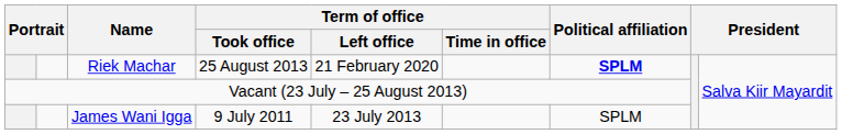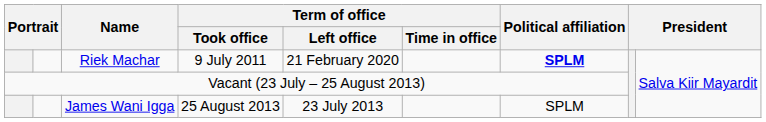 <table class="wikitable" style="text-align:center;">
 <tr>
 <th rowspan=2 colspan=2>Portrait</th>
 <th rowspan=2>Name</th>
 <th colspan=3>Term of office</th>
 <th rowspan=2>Political affiliation</th>
 <th rowspan=2 colspan=2>President</th>
 </tr>
 <tr>
 <th>Took office</th>
 <th>Left office</th>
 <th>Time in office</th>
 </tr>
 <tr>
 <th style="background:"></th>
 <td></td>
 <td><a href='#'>Riek Machar</a></td>
-<td>25 August 2013</td>
+<td>9 July 2011</td>
 <td>21 February 2020</td>
 <td></td>
 <td><strong><a href='#'>SPLM</a></strong></td>
 <th rowspan=3 style="background:"></th>
 <td rowspan=3><a href='#'>Salva Kiir Mayardit</a></td>
 </tr>
 <tr>
 <td colspan=7>Vacant (23 July – 25 August 2013)</td>
 </tr>
 <tr>
 <th style="background:"></th>
 <td></td>
 <td><a href='#'>James Wani Igga</a></td>
-<td>9 July 2011</td>
+<td>25 August 2013</td>
 <td>23 July 2013</td>
 <td></td>
 <td>SPLM</td>
 </tr>
 </table>
